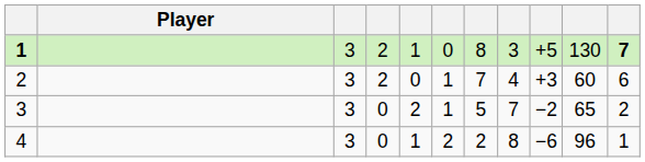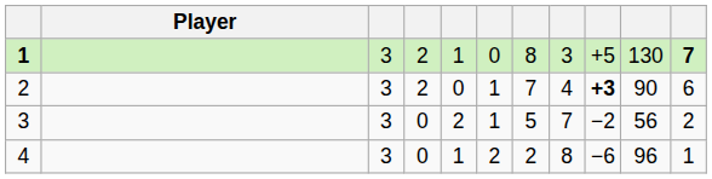 <table class="wikitable" style="text-align:center; margin: 1em auto 1em auto, align:left">
 <tr>
 <th width=20></th>
 <th width=240>Player</th>
 <th width=20></th>
 <th width=20></th>
 <th width=20></th>
 <th width=20></th>
 <th width=20></th>
 <th width=20></th>
 <th width=20></th>
 <th width=30></th>
 <th width=20></th>
 </tr>
 <tr style="background:#D0F0C0;">
 <td><strong>1</strong></td>
 <td align=left></td>
 <td>3</td>
 <td>2</td>
 <td>1</td>
 <td>0</td>
 <td>8</td>
 <td>3</td>
 <td>+5</td>
 <td>130</td>
 <td><strong>7</strong></td>
 </tr>
 <tr style=>
 <td>2</td>
 <td align=left></td>
 <td>3</td>
 <td>2</td>
 <td>0</td>
 <td>1</td>
 <td>7</td>
 <td>4</td>
-<td>+3</td>
-<td>60</td>
+<td><strong>+3</strong></td>
+<td>90</td>
 <td>6</td>
 </tr>
 <tr style=>
 <td>3</td>
 <td align=left></td>
 <td>3</td>
 <td>0</td>
 <td>2</td>
 <td>1</td>
 <td>5</td>
 <td>7</td>
 <td>−2</td>
-<td>65</td>
+<td>56</td>
 <td>2</td>
 </tr>
 <tr style=>
 <td>4</td>
 <td align=left></td>
 <td>3</td>
 <td>0</td>
 <td>1</td>
 <td>2</td>
 <td>2</td>
 <td>8</td>
 <td>−6</td>
 <td>96</td>
 <td>1</td>
 </tr>
 </table>
